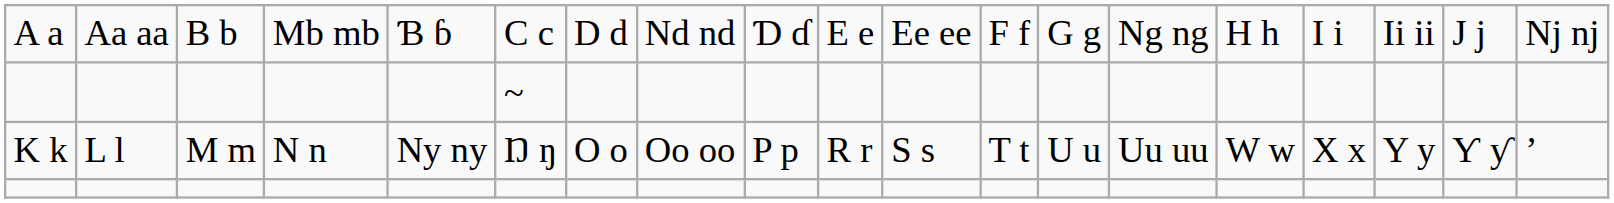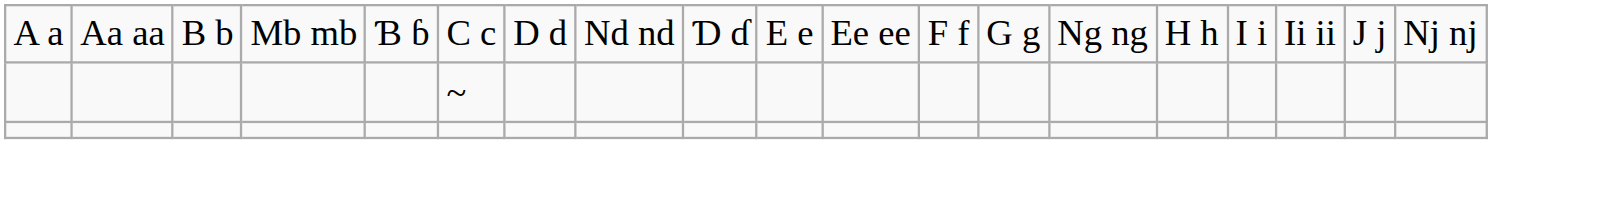 <table class="wikitable">
 <tr>
 <td>A a</td>
 <td>Aa aa</td>
 <td>B b</td>
 <td>Mb mb</td>
 <td>Ɓ ɓ</td>
 <td>C c</td>
 <td>D d</td>
 <td>Nd nd</td>
 <td>Ɗ ɗ</td>
 <td>E e</td>
 <td>Ee ee</td>
 <td>F f</td>
 <td>G g</td>
 <td>Ng ng</td>
 <td>H h</td>
 <td>I i</td>
 <td>Ii ii</td>
 <td>J j</td>
 <td>Nj nj</td>
 </tr>
 <tr>
 <td></td>
 <td></td>
 <td></td>
 <td></td>
 <td></td>
 <td>‍~‍</td>
 <td></td>
 <td></td>
 <td></td>
 <td></td>
 <td></td>
 <td></td>
 <td></td>
 <td></td>
 <td></td>
 <td></td>
 <td></td>
 <td>‍</td>
 <td></td>
 </tr>
 <tr>
-<td>K k</td>
-<td>L l</td>
-<td>M m</td>
-<td>N n</td>
-<td>Ny ny</td>
-<td>Ŋ ŋ</td>
-<td>O o</td>
-<td>Oo oo</td>
-<td>P p</td>
-<td>R r</td>
-<td>S s</td>
-<td>T t</td>
-<td>U u</td>
-<td>Uu uu</td>
-<td>W w</td>
-<td>X x</td>
-<td>Y y</td>
-<td>Ƴ ƴ</td>
-<td>ʼ</td>
-</tr>
-<tr>
 <td></td>
 <td></td>
 <td></td>
 <td></td>
 <td></td>
 <td></td>
 <td></td>
 <td></td>
 <td></td>
 <td></td>
 <td></td>
 <td></td>
 <td></td>
 <td></td>
 <td></td>
 <td></td>
 <td></td>
 <td></td>
 <td></td>
 </tr>
 </table>
